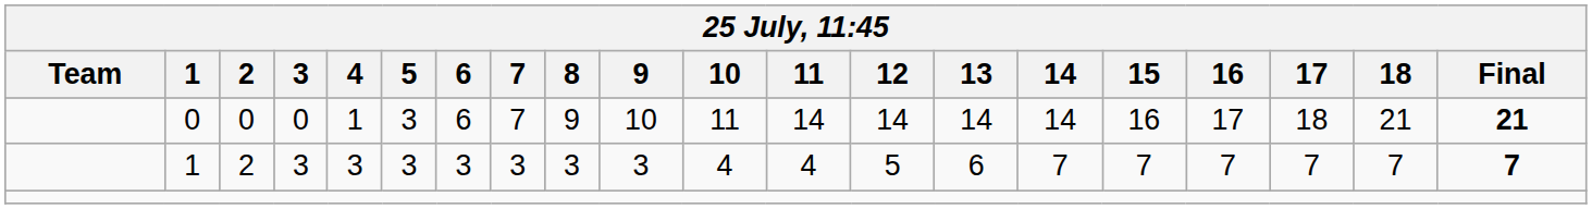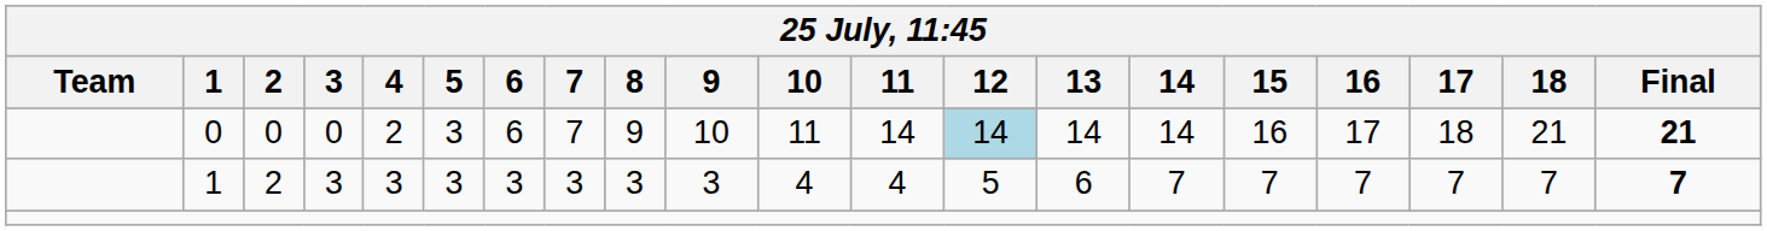 <table class=wikitable style="text-align:center; width: 55%">
 <tr>
 <th colspan=20><em>25 July, 11:45</em></th>
 </tr>
 <tr>
 <th>Team</th>
 <th>1</th>
 <th>2</th>
 <th>3</th>
 <th>4</th>
 <th>5</th>
 <th>6</th>
 <th>7</th>
 <th>8</th>
 <th>9</th>
 <th>10</th>
 <th>11</th>
 <th>12</th>
 <th>13</th>
 <th>14</th>
 <th>15</th>
 <th>16</th>
 <th>17</th>
 <th>18</th>
 <th>Final</th>
 </tr>
 <tr>
 <td align=left><strong></strong></td>
 <td>0</td>
 <td>0</td>
 <td>0</td>
-<td>1</td>
+<td>2</td>
 <td>3</td>
 <td>6</td>
 <td>7</td>
 <td>9</td>
 <td>10</td>
 <td>11</td>
 <td>14</td>
-<td>14</td>
+<td style="background: lightblue;">14</td>
 <td>14</td>
 <td>14</td>
 <td>16</td>
 <td>17</td>
 <td>18</td>
 <td>21</td>
 <td><strong>21</strong></td>
 </tr>
 <tr>
 <td align=left></td>
 <td>1</td>
 <td>2</td>
 <td>3</td>
 <td>3</td>
 <td>3</td>
 <td>3</td>
 <td>3</td>
 <td>3</td>
 <td>3</td>
 <td>4</td>
 <td>4</td>
 <td>5</td>
 <td>6</td>
 <td>7</td>
 <td>7</td>
 <td>7</td>
 <td>7</td>
 <td>7</td>
 <td><strong>7</strong></td>
 </tr>
 <tr>
 <td colspan=20></td>
 </tr>
 </table>
